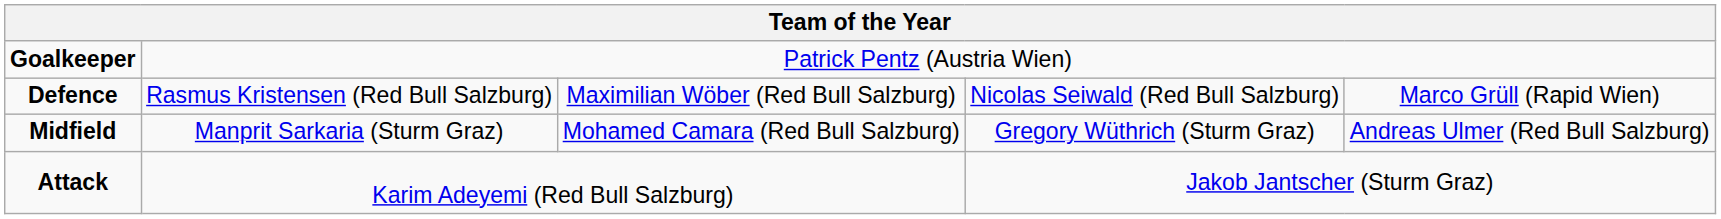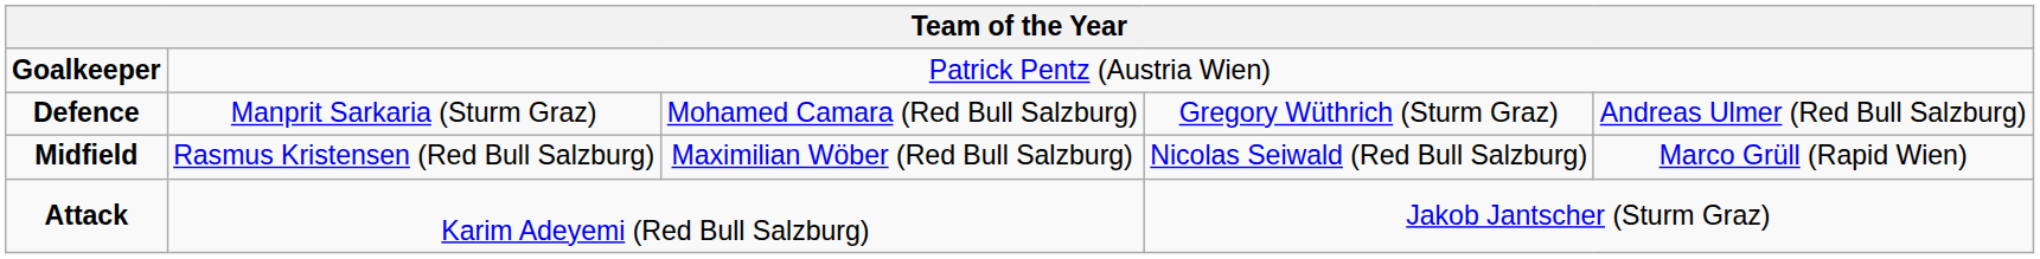 <table class="wikitable" style="text-align:center">
 <tr>
 <th colspan="13">Team of the Year</th>
 </tr>
 <tr>
 <td><strong>Goalkeeper</strong></td>
 <td colspan="4"> <a href='#'>Patrick Pentz</a> (Austria Wien)</td>
 </tr>
 <tr>
 <td><strong>Defence</strong></td>
+<td> <a href='#'>Manprit Sarkaria</a> (Sturm Graz)</td>
+<td> <a href='#'>Mohamed Camara</a> (Red Bull Salzburg)</td>
+<td> <a href='#'>Gregory Wüthrich</a> (Sturm Graz)</td>
+<td> <a href='#'>Andreas Ulmer</a> (Red Bull Salzburg)</td>
+</tr>
+<tr>
+<td><strong>Midfield</strong></td>
 <td> <a href='#'>Rasmus Kristensen</a> (Red Bull Salzburg)</td>
 <td> <a href='#'>Maximilian Wöber</a>  (Red Bull Salzburg)</td>
 <td> <a href='#'>Nicolas Seiwald</a> (Red Bull Salzburg)</td>
 <td> <a href='#'>Marco Grüll</a> (Rapid Wien)</td>
-</tr>
-<tr>
-<td><strong>Midfield</strong></td>
-<td> <a href='#'>Manprit Sarkaria</a> (Sturm Graz)</td>
-<td> <a href='#'>Mohamed Camara</a> (Red Bull Salzburg)</td>
-<td> <a href='#'>Gregory Wüthrich</a> (Sturm Graz)</td>
-<td> <a href='#'>Andreas Ulmer</a> (Red Bull Salzburg)</td>
 </tr>
 <tr>
 <td><strong>Attack</strong></td>
 <td colspan="2.5"><br> <a href='#'>Karim Adeyemi</a> (Red Bull Salzburg)</td>
 <td colspan="2.5"> <a href='#'>Jakob Jantscher</a> (Sturm Graz)</td>
 </tr>
 </table>
